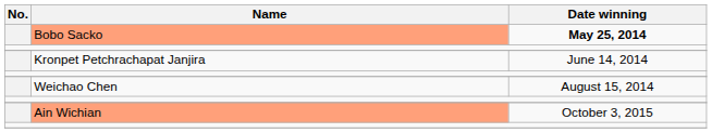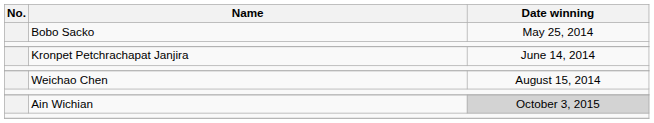 <table class="wikitable" width=100%>
 <tr>
 <th style="width:1%;">No.</th>
 <th style="width:70%;">Name</th>
 <th style="width:29%;">Date winning</th>
 </tr>
 <tr align=center>
 <th></th>
-<td align=left style="background: lightsalmon;"> Bobo Sacko</td>
-<td><strong>May 25, 2014</strong></td>
+<td align=left> Bobo Sacko</td>
+<td>May 25, 2014</td>
 </tr>
 <tr>
 <td colspan="6"></td>
 </tr>
 <tr>
 </tr>
 <tr align=center>
 <th></th>
 <td align=left> Kronpet Petchrachapat Janjira</td>
 <td>June 14, 2014</td>
 </tr>
 <tr>
 <td colspan="6"></td>
 </tr>
 <tr>
 </tr>
 <tr align=center>
 <th></th>
 <td align=left> Weichao Chen</td>
 <td>August 15, 2014</td>
 </tr>
 <tr>
 <td colspan="6"></td>
 </tr>
 <tr>
 </tr>
 <tr align=center>
 <th></th>
-<td align=left style="background: lightsalmon;"> Ain Wichian</td>
-<td>October 3, 2015</td>
+<td align=left> Ain Wichian</td>
+<td style="background: lightgrey;">October 3, 2015</td>
 </tr>
 <tr>
 <td colspan="6"></td>
 </tr>
 <tr>
 </tr>
 </table>
